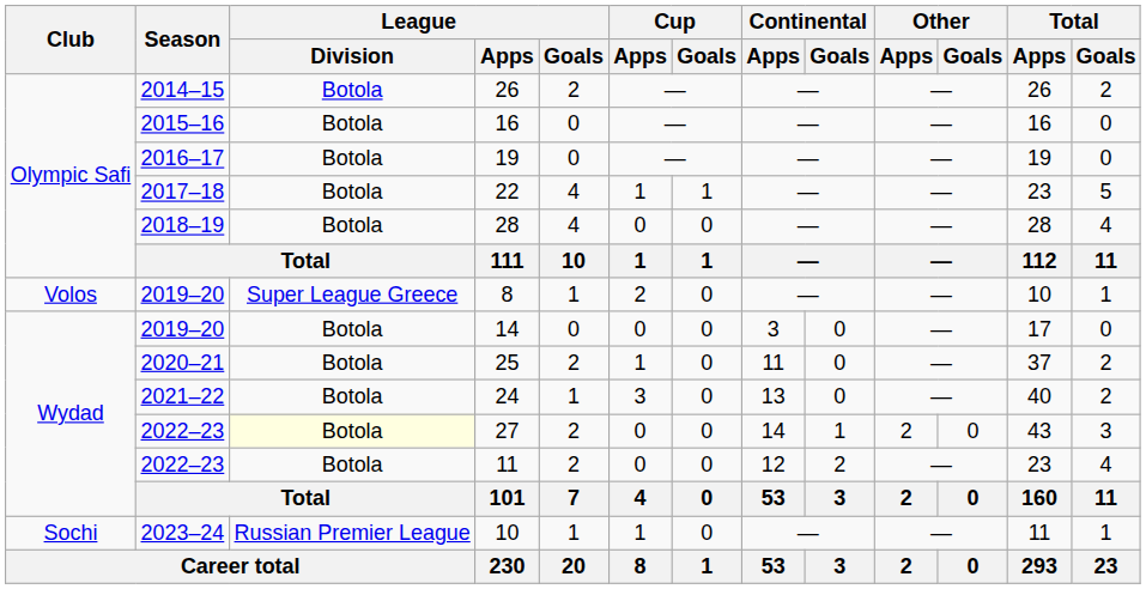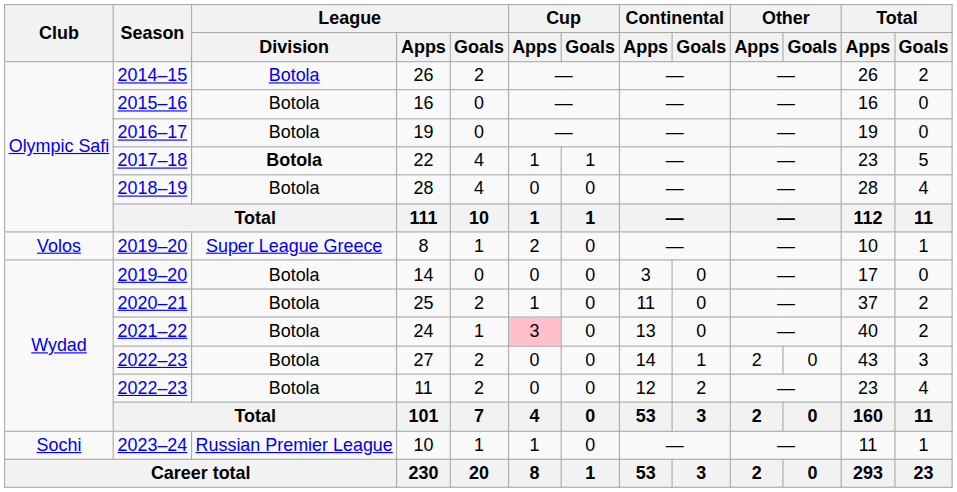 <table class="wikitable" style="text-align: center;">
 <tr>
 <th rowspan=2>Club</th>
 <th rowspan=2>Season</th>
 <th colspan=3>League</th>
 <th colspan=2>Cup</th>
 <th colspan=2>Continental</th>
 <th colspan=2>Other</th>
 <th colspan=2>Total</th>
 </tr>
 <tr>
 <th>Division</th>
 <th>Apps</th>
 <th>Goals</th>
 <th>Apps</th>
 <th>Goals</th>
 <th>Apps</th>
 <th>Goals</th>
 <th>Apps</th>
 <th>Goals</th>
 <th>Apps</th>
 <th>Goals</th>
 </tr>
 <tr>
 <td rowspan="6"><a href='#'>Olympic Safi</a></td>
 <td><a href='#'>2014–15</a></td>
 <td><a href='#'>Botola</a></td>
 <td>26</td>
 <td>2</td>
 <td colspan="2">—</td>
 <td colspan="2">—</td>
 <td colspan="2">—</td>
 <td>26</td>
 <td>2</td>
 </tr>
 <tr>
 <td><a href='#'>2015–16</a></td>
 <td>Botola</td>
 <td>16</td>
 <td>0</td>
 <td colspan="2">—</td>
 <td colspan="2">—</td>
 <td colspan="2">—</td>
 <td>16</td>
 <td>0</td>
 </tr>
 <tr>
 <td><a href='#'>2016–17</a></td>
 <td>Botola</td>
 <td>19</td>
 <td>0</td>
 <td colspan="2">—</td>
 <td colspan="2">—</td>
 <td colspan="2">—</td>
 <td>19</td>
 <td>0</td>
 </tr>
 <tr>
 <td><a href='#'>2017–18</a></td>
-<td>Botola</td>
+<td><strong>Botola</strong></td>
 <td>22</td>
 <td>4</td>
 <td>1</td>
 <td>1</td>
 <td colspan="2">—</td>
 <td colspan="2">—</td>
 <td>23</td>
 <td>5</td>
 </tr>
 <tr>
 <td><a href='#'>2018–19</a></td>
 <td>Botola</td>
 <td>28</td>
 <td>4</td>
 <td>0</td>
 <td>0</td>
 <td colspan="2">—</td>
 <td colspan="2">—</td>
 <td>28</td>
 <td>4</td>
 </tr>
 <tr>
 <th colspan="2">Total</th>
 <th>111</th>
 <th>10</th>
 <th>1</th>
 <th>1</th>
 <th colspan="2">—</th>
 <th colspan="2">—</th>
 <th>112</th>
 <th>11</th>
 </tr>
 <tr>
 <td><a href='#'>Volos</a></td>
 <td><a href='#'>2019–20</a></td>
 <td><a href='#'>Super League Greece</a></td>
 <td>8</td>
 <td>1</td>
 <td>2</td>
 <td>0</td>
 <td colspan="2">—</td>
 <td colspan="2">—</td>
 <td>10</td>
 <td>1</td>
 </tr>
 <tr>
 <td rowspan="6"><a href='#'>Wydad</a></td>
 <td><a href='#'>2019–20</a></td>
 <td>Botola</td>
 <td>14</td>
 <td>0</td>
 <td>0</td>
 <td>0</td>
 <td>3</td>
 <td>0</td>
 <td colspan="2">—</td>
 <td>17</td>
 <td>0</td>
 </tr>
 <tr>
 <td><a href='#'>2020–21</a></td>
 <td>Botola</td>
 <td>25</td>
 <td>2</td>
 <td>1</td>
 <td>0</td>
 <td>11</td>
 <td>0</td>
 <td colspan="2">—</td>
 <td>37</td>
 <td>2</td>
 </tr>
 <tr>
 <td><a href='#'>2021–22</a></td>
 <td>Botola</td>
 <td>24</td>
 <td>1</td>
-<td>3</td>
+<td style="background: pink;">3</td>
 <td>0</td>
 <td>13</td>
 <td>0</td>
 <td colspan="2">—</td>
 <td>40</td>
 <td>2</td>
 </tr>
 <tr>
 <td><a href='#'>2022–23</a></td>
-<td style="background: lightyellow;">Botola</td>
+<td>Botola</td>
 <td>27</td>
 <td>2</td>
 <td>0</td>
 <td>0</td>
 <td>14</td>
 <td>1</td>
 <td>2</td>
 <td>0</td>
 <td>43</td>
 <td>3</td>
 </tr>
 <tr>
 <td><a href='#'>2022–23</a></td>
 <td>Botola</td>
 <td>11</td>
 <td>2</td>
 <td>0</td>
 <td>0</td>
 <td>12</td>
 <td>2</td>
 <td colspan="2">—</td>
 <td>23</td>
 <td>4</td>
 </tr>
 <tr>
 <th colspan="2">Total</th>
 <th>101</th>
 <th>7</th>
 <th>4</th>
 <th>0</th>
 <th>53</th>
 <th>3</th>
 <th>2</th>
 <th>0</th>
 <th>160</th>
 <th>11</th>
 </tr>
 <tr>
 <td><a href='#'>Sochi</a></td>
 <td><a href='#'>2023–24</a></td>
 <td><a href='#'>Russian Premier League</a></td>
 <td>10</td>
 <td>1</td>
 <td>1</td>
 <td>0</td>
 <td colspan="2">—</td>
 <td colspan="2">—</td>
 <td>11</td>
 <td>1</td>
 </tr>
 <tr>
 <th colspan="3">Career total</th>
 <th>230</th>
 <th>20</th>
 <th>8</th>
 <th>1</th>
 <th>53</th>
 <th>3</th>
 <th>2</th>
 <th>0</th>
 <th>293</th>
 <th>23</th>
 </tr>
 </table>
